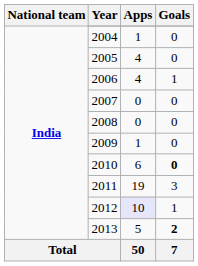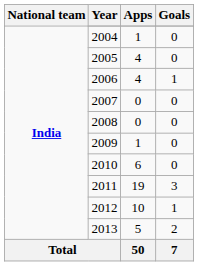 <table class="wikitable" style="font-size:90%; text-align: center;">
 <tr>
 <th>National team</th>
 <th>Year</th>
 <th>Apps</th>
 <th>Goals</th>
 </tr>
 <tr>
 <td rowspan="11"><strong><a href='#'>India</a></strong></td>
 </tr>
 <tr>
 <td>2004</td>
 <td>1</td>
 <td>0</td>
 </tr>
 <tr>
 <td>2005</td>
 <td>4</td>
 <td>0</td>
 </tr>
 <tr>
 <td>2006</td>
 <td>4</td>
 <td>1</td>
 </tr>
 <tr>
 <td>2007</td>
 <td>0</td>
 <td>0</td>
 </tr>
 <tr>
 <td>2008</td>
 <td>0</td>
 <td>0</td>
 </tr>
 <tr>
 <td>2009</td>
 <td>1</td>
 <td>0</td>
 </tr>
 <tr>
 <td>2010</td>
 <td>6</td>
-<td><strong>0</strong></td>
+<td>0</td>
 </tr>
 <tr>
 <td>2011</td>
 <td>19</td>
 <td>3</td>
 </tr>
 <tr>
 <td>2012</td>
-<td style="background: lavender;">10</td>
+<td>10</td>
 <td>1</td>
 </tr>
 <tr>
 <td>2013</td>
 <td>5</td>
-<td><strong>2</strong></td>
+<td>2</td>
 </tr>
 <tr>
 <th colspan="2">Total</th>
 <th>50</th>
 <th>7</th>
 </tr>
 </table>
